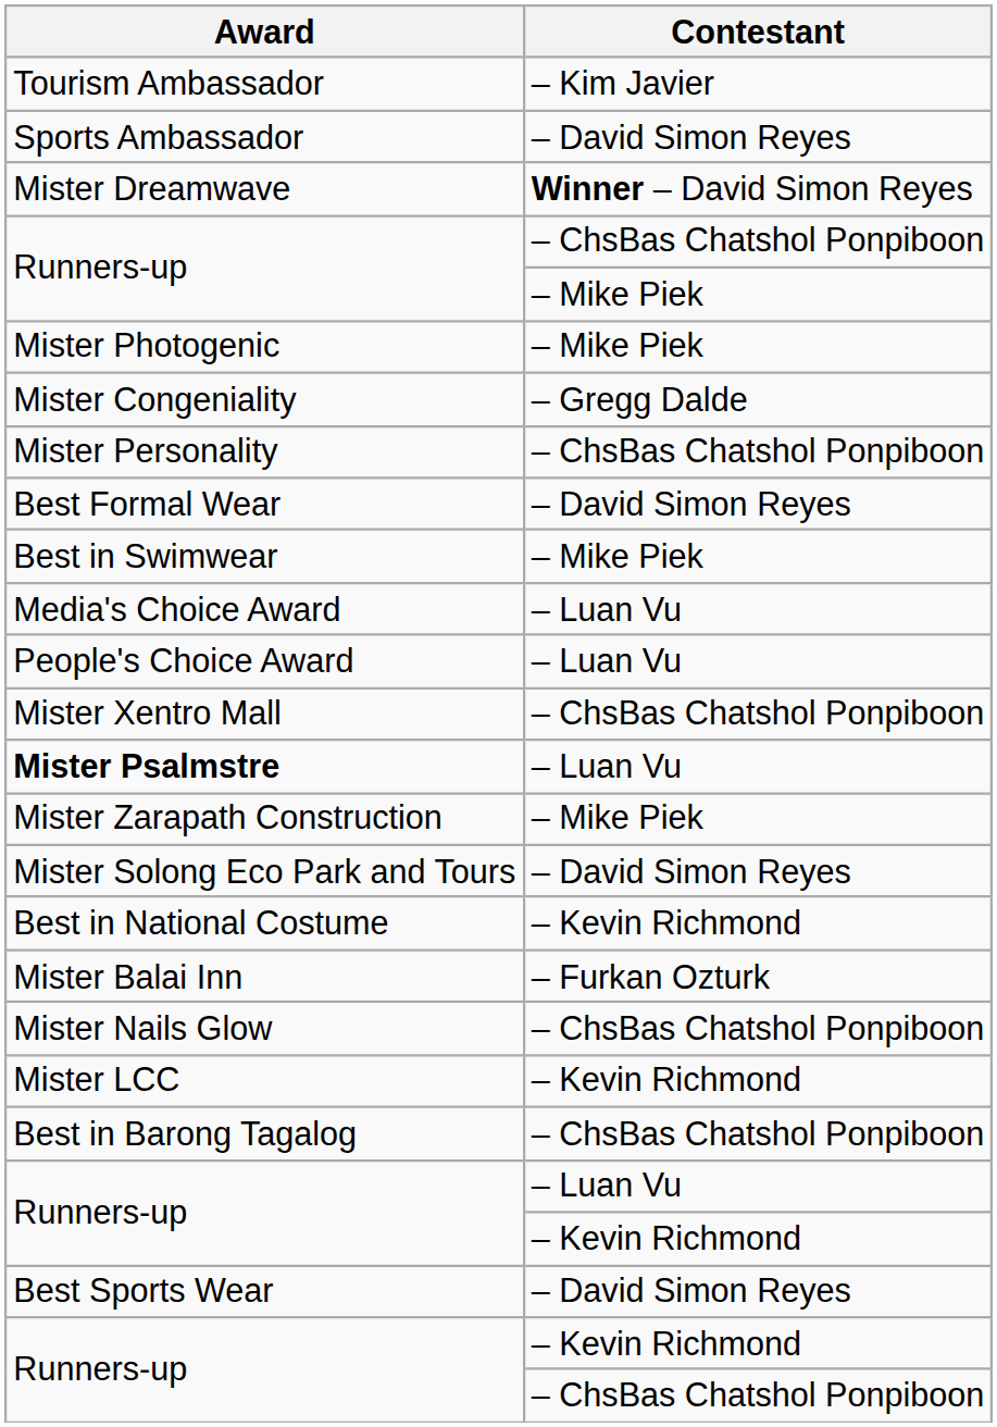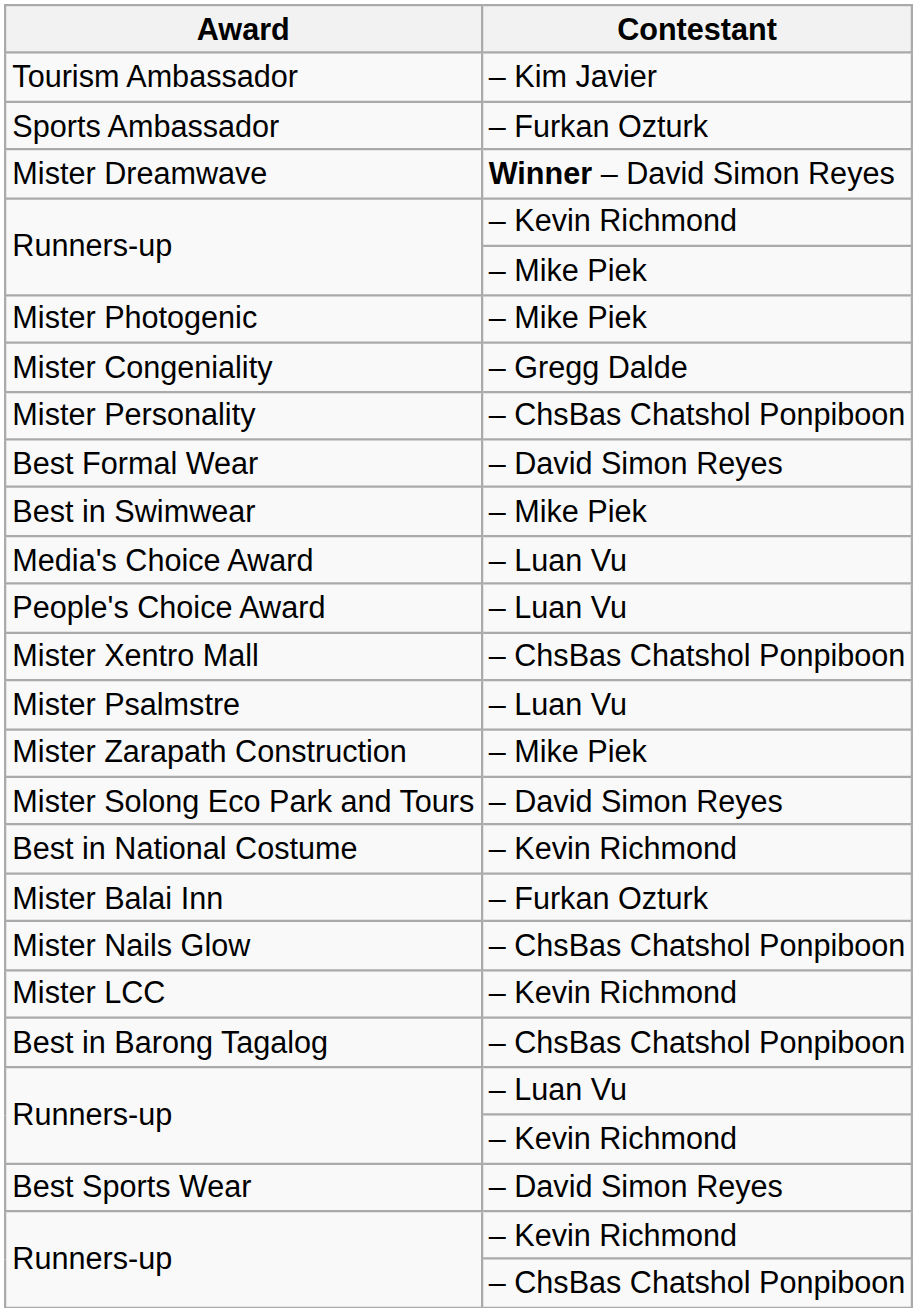 <table class="wikitable sortable" style="font-size:85%">
 <tr>
 <th>Award</th>
 <th>Contestant</th>
 </tr>
 <tr>
 <td>Tourism Ambassador</td>
 <td><strong></strong> – Kim Javier</td>
 </tr>
 <tr>
 <td>Sports Ambassador</td>
-<td><strong></strong> – David Simon Reyes</td>
+<td><strong></strong> – Furkan Ozturk</td>
 </tr>
 <tr>
 <td>Mister Dreamwave</td>
 <td><strong>Winner </strong> – David Simon Reyes</td>
 </tr>
 <tr>
 <td rowspan=2>Runners-up</td>
-<td>  – ChsBas Chatshol Ponpiboon</td>
+<td>  – Kevin Richmond</td>
 </tr>
 <tr>
 <td>  – Mike Piek</td>
 </tr>
 <tr>
 <td>Mister Photogenic</td>
 <td><strong></strong> – Mike Piek</td>
 </tr>
 <tr>
 <td>Mister Congeniality</td>
 <td><strong></strong> – Gregg Dalde</td>
 </tr>
 <tr>
 <td>Mister Personality</td>
 <td><strong></strong> – ChsBas Chatshol Ponpiboon</td>
 </tr>
 <tr>
 <td>Best Formal Wear</td>
 <td><strong></strong> – David Simon Reyes</td>
 </tr>
 <tr>
 <td>Best in Swimwear</td>
 <td><strong></strong> – Mike Piek</td>
 </tr>
 <tr>
 <td>Media's Choice Award</td>
 <td><strong></strong> – Luan Vu</td>
 </tr>
 <tr>
 <td>People's Choice Award</td>
 <td><strong></strong> – Luan Vu</td>
 </tr>
 <tr>
 <td>Mister Xentro Mall</td>
 <td><strong></strong> – ChsBas Chatshol Ponpiboon</td>
 </tr>
 <tr>
-<td><strong>Mister Psalmstre</strong></td>
+<td>Mister Psalmstre</td>
 <td><strong></strong> – Luan Vu</td>
 </tr>
 <tr>
 <td>Mister Zarapath Construction</td>
 <td><strong></strong> – Mike Piek</td>
 </tr>
 <tr>
 <td>Mister Solong Eco Park and Tours</td>
 <td><strong></strong> – David Simon Reyes</td>
 </tr>
 <tr>
 <td>Best in National Costume</td>
 <td><strong></strong> – Kevin Richmond</td>
 </tr>
 <tr>
 <td>Mister Balai Inn</td>
 <td><strong></strong> – Furkan Ozturk</td>
 </tr>
 <tr>
 <td>Mister Nails Glow</td>
 <td><strong></strong> – ChsBas Chatshol Ponpiboon</td>
 </tr>
 <tr>
 <td>Mister LCC</td>
 <td><strong></strong> – Kevin Richmond</td>
 </tr>
 <tr>
 <td>Best in Barong Tagalog</td>
 <td><strong></strong> – ChsBas Chatshol Ponpiboon</td>
 </tr>
 <tr>
 <td rowspan=2>Runners-up</td>
 <td>  – Luan Vu</td>
 </tr>
 <tr>
 <td>  – Kevin Richmond</td>
 </tr>
 <tr>
 <td>Best Sports Wear</td>
 <td><strong></strong> – David Simon Reyes</td>
 </tr>
 <tr>
 <td rowspan=2>Runners-up</td>
 <td>  – Kevin Richmond</td>
 </tr>
 <tr>
 <td>  – ChsBas Chatshol Ponpiboon</td>
 </tr>
 </table>
